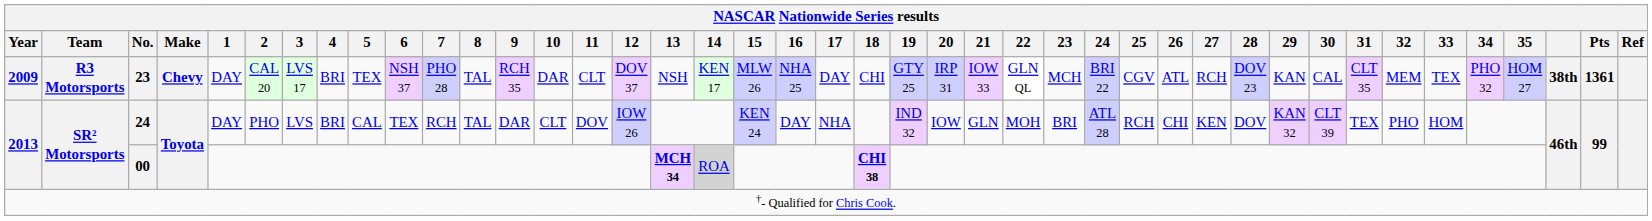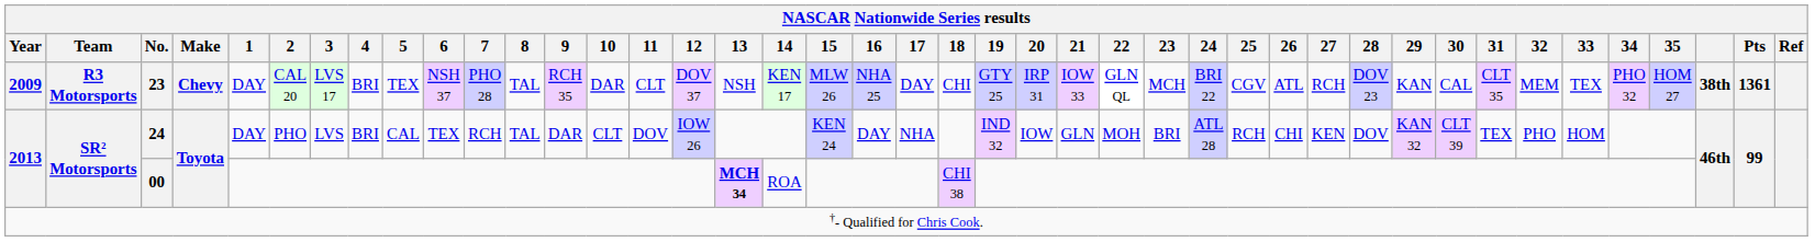 <table class="wikitable" style="text-align:center; font-size:75%">
 <tr>
 <th colspan=42><a href='#'>NASCAR</a> <a href='#'>Nationwide Series</a> results</th>
 </tr>
 <tr>
 <th>Year</th>
 <th>Team</th>
 <th>No.</th>
 <th>Make</th>
 <th>1</th>
 <th>2</th>
 <th>3</th>
 <th>4</th>
 <th>5</th>
 <th>6</th>
 <th>7</th>
 <th>8</th>
 <th>9</th>
 <th>10</th>
 <th>11</th>
 <th>12</th>
 <th>13</th>
 <th>14</th>
 <th>15</th>
 <th>16</th>
 <th>17</th>
 <th>18</th>
 <th>19</th>
 <th>20</th>
 <th>21</th>
 <th>22</th>
 <th>23</th>
 <th>24</th>
 <th>25</th>
 <th>26</th>
 <th>27</th>
 <th>28</th>
 <th>29</th>
 <th>30</th>
 <th>31</th>
 <th>32</th>
 <th>33</th>
 <th>34</th>
 <th>35</th>
 <th></th>
 <th>Pts</th>
 <th>Ref</th>
 </tr>
 <tr>
 <th><a href='#'>2009</a></th>
 <th><a href='#'>R3 Motorsports</a></th>
 <th>23</th>
 <th><a href='#'>Chevy</a></th>
 <td><a href='#'>DAY</a></td>
 <td style="background:#DFFFDF;"><a href='#'>CAL</a><br><small>20</small></td>
 <td style="background:#DFFFDF;"><a href='#'>LVS</a><br><small>17</small></td>
 <td><a href='#'>BRI</a></td>
 <td><a href='#'>TEX</a></td>
 <td style="background:#EFCFFF;"><a href='#'>NSH</a><br><small>37</small></td>
 <td style="background:#CFCFFF;"><a href='#'>PHO</a><br><small>28</small></td>
 <td><a href='#'>TAL</a></td>
 <td style="background:#EFCFFF;"><a href='#'>RCH</a><br><small>35</small></td>
 <td><a href='#'>DAR</a></td>
 <td><a href='#'>CLT</a></td>
 <td style="background:#EFCFFF;"><a href='#'>DOV</a><br><small>37</small></td>
 <td><a href='#'>NSH</a></td>
 <td style="background:#DFFFDF;"><a href='#'>KEN</a><br><small>17</small></td>
 <td style="background:#CFCFFF;"><a href='#'>MLW</a><br><small>26</small></td>
 <td style="background:#CFCFFF;"><a href='#'>NHA</a><br><small>25</small></td>
 <td><a href='#'>DAY</a></td>
 <td><a href='#'>CHI</a></td>
 <td style="background:#CFCFFF;"><a href='#'>GTY</a><br><small>25</small></td>
 <td style="background:#CFCFFF;"><a href='#'>IRP</a><br><small>31</small></td>
 <td style="background:#EFCFFF;"><a href='#'>IOW</a><br><small>33</small></td>
 <td style="background:#FFFFFF;"><a href='#'>GLN</a><br><small>QL</small></td>
 <td><a href='#'>MCH</a></td>
 <td style="background:#CFCFFF;"><a href='#'>BRI</a><br><small>22</small></td>
 <td><a href='#'>CGV</a></td>
 <td><a href='#'>ATL</a></td>
 <td><a href='#'>RCH</a></td>
 <td style="background:#CFCFFF;"><a href='#'>DOV</a><br><small>23</small></td>
 <td><a href='#'>KAN</a></td>
 <td><a href='#'>CAL</a></td>
 <td style="background:#EFCFFF;"><a href='#'>CLT</a><br><small>35</small></td>
 <td><a href='#'>MEM</a></td>
 <td><a href='#'>TEX</a></td>
 <td style="background:#EFCFFF;"><a href='#'>PHO</a><br><small>32</small></td>
 <td style="background:#CFCFFF;"><a href='#'>HOM</a><br><small>27</small></td>
 <th>38th</th>
 <th>1361</th>
 <th></th>
 </tr>
 <tr>
 <th rowspan=2><a href='#'>2013</a></th>
 <th rowspan=2><a href='#'>SR² Motorsports</a></th>
 <th>24</th>
 <th rowspan=2><a href='#'>Toyota</a></th>
 <td><a href='#'>DAY</a></td>
 <td><a href='#'>PHO</a></td>
 <td><a href='#'>LVS</a></td>
 <td><a href='#'>BRI</a></td>
 <td><a href='#'>CAL</a></td>
 <td><a href='#'>TEX</a></td>
 <td><a href='#'>RCH</a></td>
 <td><a href='#'>TAL</a></td>
 <td><a href='#'>DAR</a></td>
 <td><a href='#'>CLT</a></td>
 <td><a href='#'>DOV</a></td>
 <td style="background:#CFCFFF;"><a href='#'>IOW</a><br><small>26</small></td>
 <td colspan=2></td>
 <td style="background:#CFCFFF;"><a href='#'>KEN</a><br><small>24</small></td>
 <td><a href='#'>DAY</a></td>
 <td><a href='#'>NHA</a></td>
 <td></td>
 <td style="background:#EFCFFF;"><a href='#'>IND</a><br><small>32</small></td>
 <td><a href='#'>IOW</a></td>
 <td><a href='#'>GLN</a></td>
 <td><a href='#'>MOH</a></td>
 <td><a href='#'>BRI</a></td>
 <td style="background:#CFCFFF;"><a href='#'>ATL</a><br><small>28</small></td>
 <td><a href='#'>RCH</a></td>
 <td><a href='#'>CHI</a></td>
 <td><a href='#'>KEN</a></td>
 <td><a href='#'>DOV</a></td>
 <td style="background:#EFCFFF;"><a href='#'>KAN</a><br><small>32</small></td>
 <td style="background:#EFCFFF;"><a href='#'>CLT</a><br><small>39</small></td>
 <td><a href='#'>TEX</a></td>
 <td><a href='#'>PHO</a></td>
 <td><a href='#'>HOM</a></td>
 <td colspan=2></td>
 <th rowspan=2>46th</th>
 <th rowspan=2>99</th>
 <th rowspan=2></th>
 </tr>
 <tr>
 <th>00</th>
 <td colspan=12></td>
 <td style="background:#EFCFFF;"><strong><a href='#'>MCH</a><br><small>34</small></strong></td>
-<td style="background: lightgrey;"><a href='#'>ROA</a></td>
+<td><a href='#'>ROA</a></td>
 <td colspan=3></td>
-<td style="background:#EFCFFF;"><strong><a href='#'>CHI</a><br><small>38</small></strong></td>
+<td style="background:#EFCFFF;"><a href='#'>CHI</a><br><small>38</small></td>
 <td colspan=17></td>
 </tr>
 <tr>
 <td colspan=42><small><sup>†</sup>- Qualified for <a href='#'>Chris Cook</a>. </small></td>
 </tr>
 </table>
